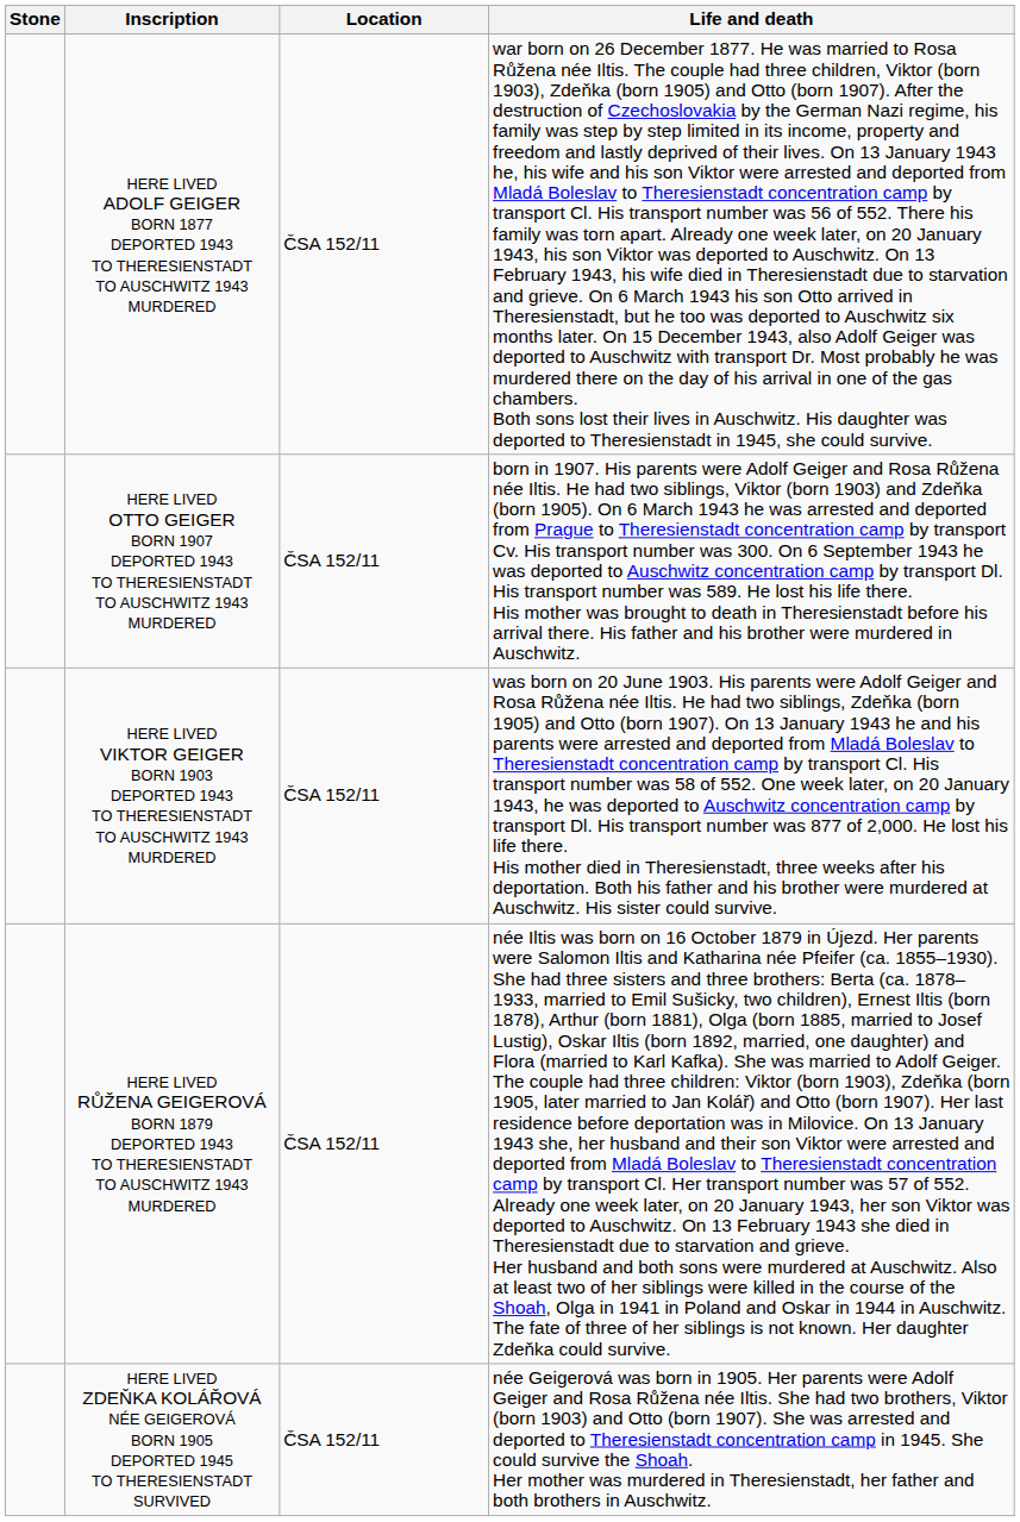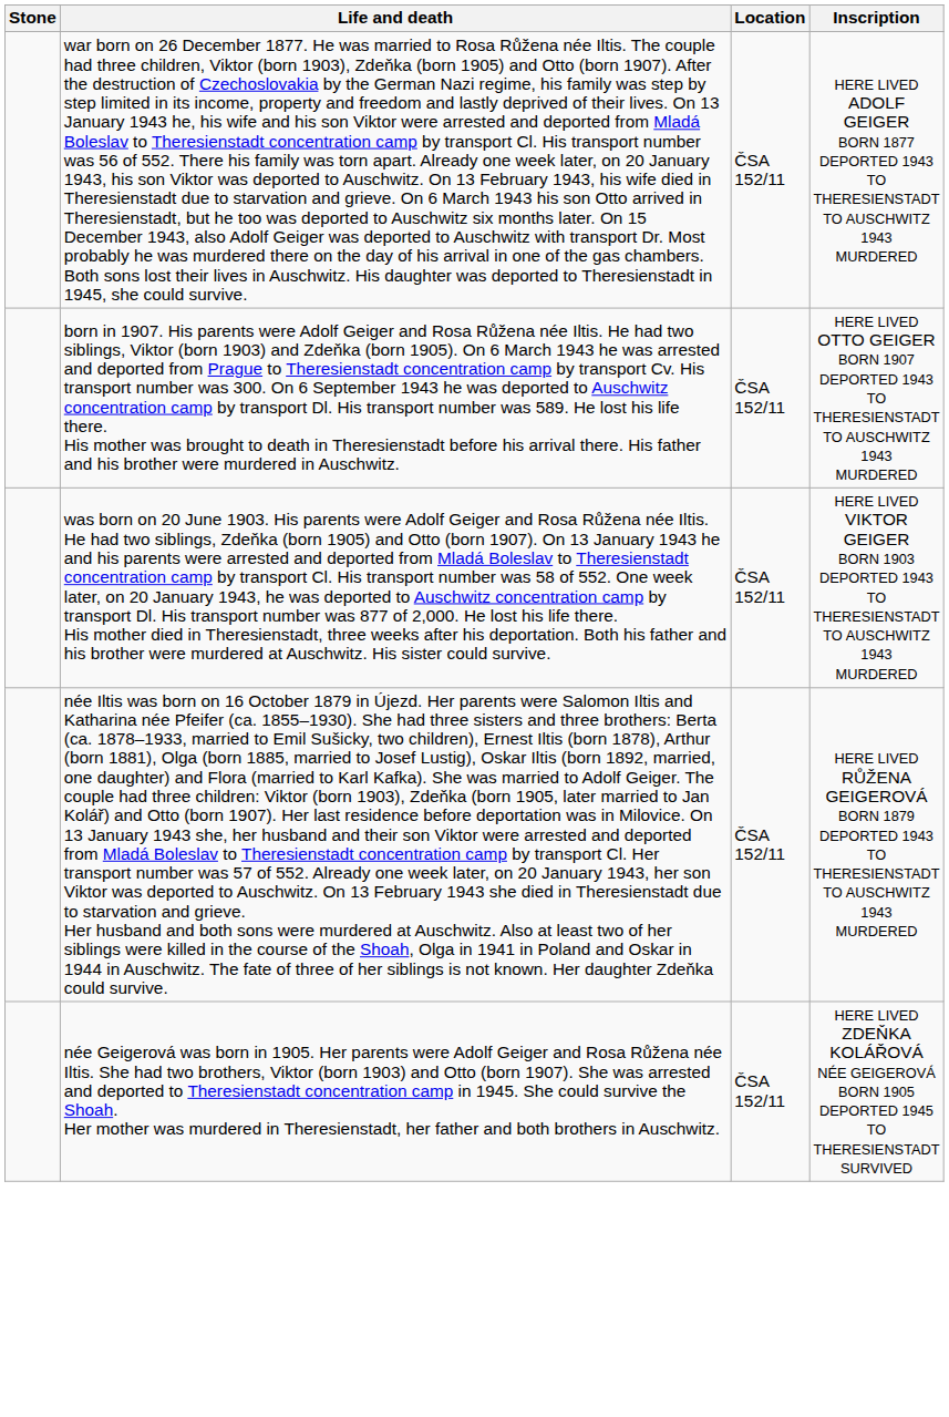 <table class="wikitable sortable toptextcells" style="width:100%">
 <tr>
 <th class="hintergrundfarbe6 unsortable" width="120px">Stone</th>
+<th class="hintergrundfarbe6" style="width:100%;">Life and death</th>
+<th class="hintergrundfarbe6" data-sort-type="text" style ="width:22%;">Location</th>
 <th class="hintergrundfarbe6 unsortable" style ="width:22%;">Inscription</th>
-<th class="hintergrundfarbe6" data-sort-type="text" style ="width:22%;">Location</th>
-<th class="hintergrundfarbe6" style="width:100%;">Life and death</th>
 </tr>
 <tr>
 <td></td>
+<td><strong></strong> war born on 26 December 1877. He was married to Rosa Růžena née Iltis. The couple had three children, Viktor (born 1903), Zdeňka (born 1905) and Otto (born 1907). After the destruction of <a href='#'>Czechoslovakia</a> by the German Nazi regime, his family was step by step limited in its income, property and freedom and lastly deprived of their lives. On 13 January 1943 he, his wife and his son Viktor were arrested and deported from <a href='#'>Mladá Boleslav</a> to <a href='#'>Theresienstadt concentration camp</a> by transport Cl. His transport number was 56 of 552. There his family was torn apart. Already one week later, on 20 January 1943, his son Viktor was deported to Auschwitz. On 13 February 1943, his wife died in Theresienstadt due to starvation and grieve. On 6 March 1943 his son Otto arrived in Theresienstadt, but he too was deported to Auschwitz six months later. On 15 December 1943, also Adolf Geiger was deported to Auschwitz with transport Dr. Most probably he was murdered there on the day of his arrival in one of the gas chambers.<br>Both sons lost their lives in Auschwitz. His daughter was deported to Theresienstadt in 1945, she could survive.</td>
+<td>ČSA 152/11</td>
 <td style="text-align:center"><div><small>HERE LIVED</small><br>ADOLF GEIGER<br><small>BORN 1877<br>DEPORTED 1943<br>TO THERESIENSTADT<br>TO AUSCHWITZ 1943<br>MURDERED</small></div></td>
-<td>ČSA 152/11</td>
-<td><strong></strong> war born on 26 December 1877. He was married to Rosa Růžena née Iltis. The couple had three children, Viktor (born 1903), Zdeňka (born 1905) and Otto (born 1907). After the destruction of <a href='#'>Czechoslovakia</a> by the German Nazi regime, his family was step by step limited in its income, property and freedom and lastly deprived of their lives. On 13 January 1943 he, his wife and his son Viktor were arrested and deported from <a href='#'>Mladá Boleslav</a> to <a href='#'>Theresienstadt concentration camp</a> by transport Cl. His transport number was 56 of 552. There his family was torn apart. Already one week later, on 20 January 1943, his son Viktor was deported to Auschwitz. On 13 February 1943, his wife died in Theresienstadt due to starvation and grieve. On 6 March 1943 his son Otto arrived in Theresienstadt, but he too was deported to Auschwitz six months later. On 15 December 1943, also Adolf Geiger was deported to Auschwitz with transport Dr. Most probably he was murdered there on the day of his arrival in one of the gas chambers.<br>Both sons lost their lives in Auschwitz. His daughter was deported to Theresienstadt in 1945, she could survive.</td>
 </tr>
 <tr>
 <td></td>
+<td><strong></strong> born in 1907. His parents were Adolf Geiger and Rosa Růžena née Iltis. He had two siblings, Viktor (born 1903) and Zdeňka (born 1905). On 6 March 1943 he was arrested and deported from <a href='#'>Prague</a> to <a href='#'>Theresienstadt concentration camp</a> by transport Cv. His transport number was 300. On 6 September 1943 he was deported to <a href='#'>Auschwitz concentration camp</a> by transport Dl. His transport number was 589. He lost his life there.<br>His mother was brought to death in Theresienstadt before his arrival there. His father and his brother were murdered in Auschwitz.</td>
+<td>ČSA 152/11</td>
 <td style="text-align:center"><div><small>HERE LIVED</small><br>OTTO GEIGER<br><small>BORN 1907<br>DEPORTED 1943<br>TO THERESIENSTADT<br>TO AUSCHWITZ 1943<br>MURDERED</small></div></td>
-<td>ČSA 152/11</td>
-<td><strong></strong> born in 1907. His parents were Adolf Geiger and Rosa Růžena née Iltis. He had two siblings, Viktor (born 1903) and Zdeňka (born 1905). On 6 March 1943 he was arrested and deported from <a href='#'>Prague</a> to <a href='#'>Theresienstadt concentration camp</a> by transport Cv. His transport number was 300. On 6 September 1943 he was deported to <a href='#'>Auschwitz concentration camp</a> by transport Dl. His transport number was 589. He lost his life there.<br>His mother was brought to death in Theresienstadt before his arrival there. His father and his brother were murdered in Auschwitz.</td>
 </tr>
 <tr>
 <td></td>
+<td><strong></strong> was born on 20 June 1903. His parents were Adolf Geiger and Rosa Růžena née Iltis. He had two siblings, Zdeňka (born 1905) and Otto (born 1907). On 13 January 1943 he and his parents were arrested and deported from <a href='#'>Mladá Boleslav</a> to <a href='#'>Theresienstadt concentration camp</a> by transport Cl. His transport number was 58 of 552. One week later, on 20 January 1943, he was deported to <a href='#'>Auschwitz concentration camp</a> by transport Dl. His transport number was 877 of 2,000. He lost his life there.<br>His mother died in Theresienstadt, three weeks after his deportation. Both his father and his brother were murdered at Auschwitz. His sister could survive.</td>
+<td>ČSA 152/11</td>
 <td style="text-align:center"><div><small>HERE LIVED</small><br>VIKTOR GEIGER<br><small>BORN 1903<br>DEPORTED 1943<br>TO THERESIENSTADT<br>TO AUSCHWITZ 1943<br>MURDERED</small></div></td>
-<td>ČSA 152/11</td>
-<td><strong></strong> was born on 20 June 1903. His parents were Adolf Geiger and Rosa Růžena née Iltis. He had two siblings, Zdeňka (born 1905) and Otto (born 1907). On 13 January 1943 he and his parents were arrested and deported from <a href='#'>Mladá Boleslav</a> to <a href='#'>Theresienstadt concentration camp</a> by transport Cl. His transport number was 58 of 552. One week later, on 20 January 1943, he was deported to <a href='#'>Auschwitz concentration camp</a> by transport Dl. His transport number was 877 of 2,000. He lost his life there.<br>His mother died in Theresienstadt, three weeks after his deportation. Both his father and his brother were murdered at Auschwitz. His sister could survive.</td>
 </tr>
 <tr>
 <td></td>
+<td><strong></strong> née Iltis was born on 16 October 1879 in Újezd. Her parents were Salomon Iltis and Katharina née Pfeifer (ca. 1855–1930). She had three sisters and three brothers: Berta (ca. 1878–1933, married to Emil Sušicky, two children), Ernest Iltis (born 1878), Arthur (born 1881), Olga (born 1885, married to Josef Lustig), Oskar Iltis (born 1892, married, one daughter) and Flora (married to Karl Kafka). She was married to Adolf Geiger. The couple had three children: Viktor (born 1903), Zdeňka (born 1905, later married to Jan Kolář) and Otto (born 1907). Her last residence before deportation was in Milovice. On 13 January 1943 she, her husband and their son Viktor were arrested and deported from <a href='#'>Mladá Boleslav</a> to <a href='#'>Theresienstadt concentration camp</a> by transport Cl. Her transport number was 57 of 552. Already one week later, on 20 January 1943, her son Viktor was deported to Auschwitz. On 13 February 1943 she died in Theresienstadt due to starvation and grieve.<br>Her husband and both sons were murdered at Auschwitz. Also at least two of her siblings were killed in the course of the <a href='#'>Shoah</a>, Olga in 1941 in Poland and Oskar in 1944 in Auschwitz. The fate of three of her siblings is not known. Her daughter Zdeňka could survive.</td>
+<td>ČSA 152/11</td>
 <td style="text-align:center"><div><small>HERE LIVED</small><br>RŮŽENA GEIGEROVÁ<br><small>BORN 1879<br>DEPORTED 1943<br>TO THERESIENSTADT<br>TO AUSCHWITZ 1943<br>MURDERED</small></div></td>
-<td>ČSA 152/11</td>
-<td><strong></strong> née Iltis was born on 16 October 1879 in Újezd. Her parents were Salomon Iltis and Katharina née Pfeifer (ca. 1855–1930). She had three sisters and three brothers: Berta (ca. 1878–1933, married to Emil Sušicky, two children), Ernest Iltis (born 1878), Arthur (born 1881), Olga (born 1885, married to Josef Lustig), Oskar Iltis (born 1892, married, one daughter) and Flora (married to Karl Kafka). She was married to Adolf Geiger. The couple had three children: Viktor (born 1903), Zdeňka (born 1905, later married to Jan Kolář) and Otto (born 1907). Her last residence before deportation was in Milovice. On 13 January 1943 she, her husband and their son Viktor were arrested and deported from <a href='#'>Mladá Boleslav</a> to <a href='#'>Theresienstadt concentration camp</a> by transport Cl. Her transport number was 57 of 552. Already one week later, on 20 January 1943, her son Viktor was deported to Auschwitz. On 13 February 1943 she died in Theresienstadt due to starvation and grieve.<br>Her husband and both sons were murdered at Auschwitz. Also at least two of her siblings were killed in the course of the <a href='#'>Shoah</a>, Olga in 1941 in Poland and Oskar in 1944 in Auschwitz. The fate of three of her siblings is not known. Her daughter Zdeňka could survive.</td>
 </tr>
 <tr>
 <td></td>
+<td><strong></strong> née Geigerová was born in 1905. Her parents were Adolf Geiger and Rosa Růžena née Iltis. She had two brothers, Viktor (born 1903) and Otto (born 1907). She was arrested and deported to <a href='#'>Theresienstadt concentration camp</a> in 1945. She could survive the <a href='#'>Shoah</a>.<br>Her mother was murdered in Theresienstadt, her father and both brothers in Auschwitz.</td>
+<td>ČSA 152/11</td>
 <td style="text-align:center"><div><small>HERE LIVED</small><br>ZDEŇKA KOLÁŘOVÁ<br><small>NÉE GEIGEROVÁ<br>BORN 1905<br>DEPORTED 1945<br>TO THERESIENSTADT<br>SURVIVED</small></div></td>
-<td>ČSA 152/11</td>
-<td><strong></strong> née Geigerová was born in 1905. Her parents were Adolf Geiger and Rosa Růžena née Iltis. She had two brothers, Viktor (born 1903) and Otto (born 1907). She was arrested and deported to <a href='#'>Theresienstadt concentration camp</a> in 1945. She could survive the <a href='#'>Shoah</a>.<br>Her mother was murdered in Theresienstadt, her father and both brothers in Auschwitz.</td>
 </tr>
 </table>
